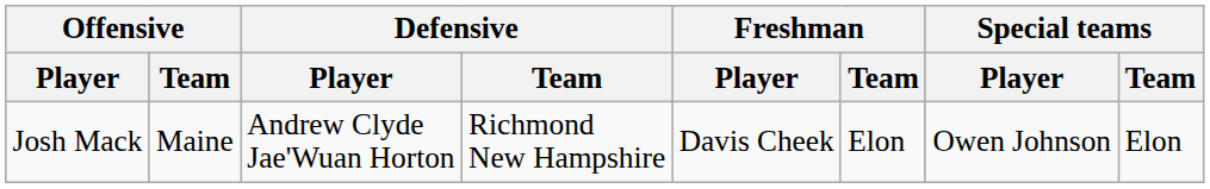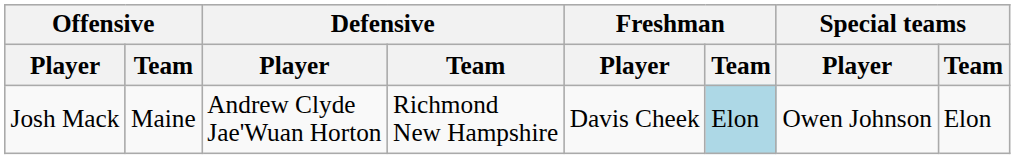 <table class="wikitable" border="1">
 <tr>
 <th colspan="2">Offensive</th>
 <th colspan="2">Defensive</th>
 <th colspan="2">Freshman</th>
 <th colspan="2">Special teams</th>
 </tr>
 <tr>
 <th>Player</th>
 <th>Team</th>
 <th>Player</th>
 <th>Team</th>
 <th>Player</th>
 <th>Team</th>
 <th>Player</th>
 <th>Team</th>
 </tr>
 <tr>
 <td>Josh Mack</td>
 <td>Maine</td>
 <td>Andrew Clyde<br>Jae'Wuan Horton</td>
 <td>Richmond<br>New Hampshire</td>
 <td>Davis Cheek</td>
-<td>Elon</td>
+<td style="background: lightblue;">Elon</td>
 <td>Owen Johnson</td>
 <td>Elon</td>
 </tr>
 </table>
